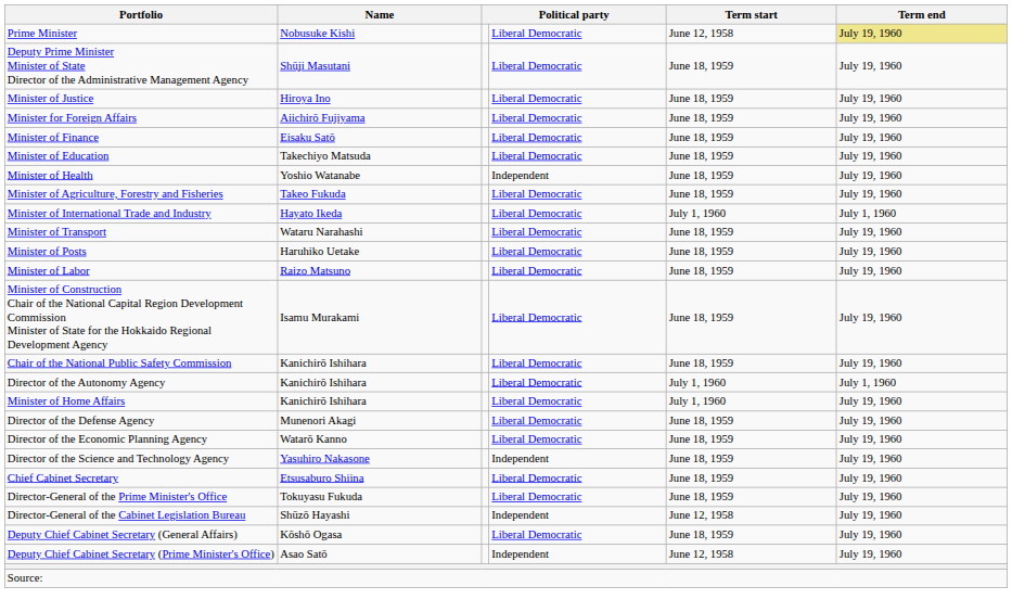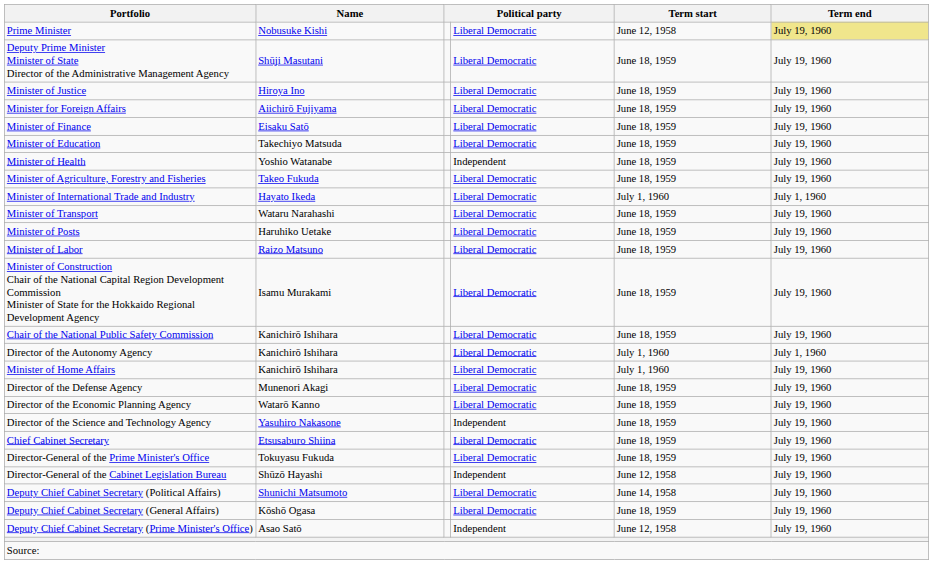 <table class="wikitable unsortable" style="font-size: 90%;">
 <tr>
 <th scope="col" width="20%">Portfolio</th>
 <th scope="col" width="15%">Name</th>
 <th colspan="2" scope="col" width="13.5%">Political party</th>
 <th scope="col" width="12.5%">Term start</th>
 <th scope="col" width="12.5%">Term end</th>
 </tr>
 <tr>
 <td><a href='#'>Prime Minister</a></td>
 <td><a href='#'>Nobusuke Kishi</a></td>
 <td width="0.5%" style="background:"></td>
 <td><a href='#'>Liberal Democratic</a></td>
 <td>June 12, 1958</td>
 <td style="background: khaki;">July 19, 1960</td>
 </tr>
 <tr>
 <td><a href='#'>Deputy Prime Minister</a><br><a href='#'>Minister of State</a><br>Director of the Administrative Management Agency</td>
 <td><a href='#'>Shūji Masutani</a></td>
 <td style="color:inherit;background:"></td>
 <td><a href='#'>Liberal Democratic</a></td>
 <td>June 18, 1959</td>
 <td>July 19, 1960</td>
 </tr>
 <tr>
 <td><a href='#'>Minister of Justice</a></td>
 <td><a href='#'>Hiroya Ino</a></td>
 <td style="color:inherit;background:"></td>
 <td><a href='#'>Liberal Democratic</a></td>
 <td>June 18, 1959</td>
 <td>July 19, 1960</td>
 </tr>
 <tr>
 <td><a href='#'>Minister for Foreign Affairs</a></td>
 <td><a href='#'>Aiichirō Fujiyama</a></td>
 <td style="color:inherit;background:"></td>
 <td><a href='#'>Liberal Democratic</a></td>
 <td>June 18, 1959</td>
 <td>July 19, 1960</td>
 </tr>
 <tr>
 <td><a href='#'>Minister of Finance</a></td>
 <td><a href='#'>Eisaku Satō</a></td>
 <td style="color:inherit;background:"></td>
 <td><a href='#'>Liberal Democratic</a></td>
 <td>June 18, 1959</td>
 <td>July 19, 1960</td>
 </tr>
 <tr>
 <td><a href='#'>Minister of Education</a></td>
 <td>Takechiyo Matsuda</td>
 <td style="color:inherit;background:"></td>
 <td><a href='#'>Liberal Democratic</a></td>
 <td>June 18, 1959</td>
 <td>July 19, 1960</td>
 </tr>
 <tr>
 <td><a href='#'>Minister of Health</a></td>
 <td>Yoshio Watanabe</td>
 <td style="color:inherit;background:"></td>
 <td>Independent</td>
 <td>June 18, 1959</td>
 <td>July 19, 1960</td>
 </tr>
 <tr>
 <td><a href='#'>Minister of Agriculture, Forestry and Fisheries</a></td>
 <td><a href='#'>Takeo Fukuda</a></td>
 <td style="color:inherit;background:"></td>
 <td><a href='#'>Liberal Democratic</a></td>
 <td>June 18, 1959</td>
 <td>July 19, 1960</td>
 </tr>
 <tr>
 <td><a href='#'>Minister of International Trade and Industry</a></td>
 <td><a href='#'>Hayato Ikeda</a></td>
 <td style="color:inherit;background:"></td>
 <td><a href='#'>Liberal Democratic</a></td>
 <td>July 1, 1960</td>
 <td>July 1, 1960</td>
 </tr>
 <tr>
 <td><a href='#'>Minister of Transport</a></td>
 <td>Wataru Narahashi</td>
 <td style="color:inherit;background:"></td>
 <td><a href='#'>Liberal Democratic</a></td>
 <td>June 18, 1959</td>
 <td>July 19, 1960</td>
 </tr>
 <tr>
 <td><a href='#'>Minister of Posts</a></td>
 <td>Haruhiko Uetake</td>
 <td style="color:inherit;background:"></td>
 <td><a href='#'>Liberal Democratic</a></td>
 <td>June 18, 1959</td>
 <td>July 19, 1960</td>
 </tr>
 <tr>
 <td><a href='#'>Minister of Labor</a></td>
 <td><a href='#'>Raizo Matsuno</a></td>
 <td style="color:inherit;background:"></td>
 <td><a href='#'>Liberal Democratic</a></td>
 <td>June 18, 1959</td>
 <td>July 19, 1960</td>
 </tr>
 <tr>
 <td><a href='#'>Minister of Construction</a><br>Chair of the National Capital Region Development Commission<br>Minister of State for the Hokkaido Regional Development Agency</td>
 <td>Isamu Murakami</td>
 <td style="color:inherit;background:"></td>
 <td><a href='#'>Liberal Democratic</a></td>
 <td>June 18, 1959</td>
 <td>July 19, 1960</td>
 </tr>
 <tr>
 <td><a href='#'>Chair of the National Public Safety Commission</a></td>
 <td>Kanichirō Ishihara</td>
 <td style="color:inherit;background:"></td>
 <td><a href='#'>Liberal Democratic</a></td>
 <td>June 18, 1959</td>
 <td>July 19, 1960</td>
 </tr>
 <tr>
 <td>Director of the Autonomy Agency</td>
 <td>Kanichirō Ishihara</td>
 <td style="color:inherit;background:"></td>
 <td><a href='#'>Liberal Democratic</a></td>
 <td>July 1, 1960</td>
 <td>July 1, 1960</td>
 </tr>
 <tr>
 <td><a href='#'>Minister of Home Affairs</a></td>
 <td>Kanichirō Ishihara</td>
 <td style="color:inherit;background:"></td>
 <td><a href='#'>Liberal Democratic</a></td>
 <td>July 1, 1960</td>
 <td>July 19, 1960</td>
 </tr>
 <tr>
 <td>Director of the Defense Agency</td>
 <td>Munenori Akagi</td>
 <td style="color:inherit;background:"></td>
 <td><a href='#'>Liberal Democratic</a></td>
 <td>June 18, 1959</td>
 <td>July 19, 1960</td>
 </tr>
 <tr>
 <td>Director of the Economic Planning Agency</td>
 <td>Watarō Kanno</td>
 <td style="color:inherit;background:"></td>
 <td><a href='#'>Liberal Democratic</a></td>
 <td>June 18, 1959</td>
 <td>July 19, 1960</td>
 </tr>
 <tr>
 <td>Director of the Science and Technology Agency</td>
 <td><a href='#'>Yasuhiro Nakasone</a></td>
 <td style="color:inherit;background:"></td>
 <td>Independent</td>
 <td>June 18, 1959</td>
 <td>July 19, 1960</td>
 </tr>
 <tr>
 <td><a href='#'>Chief Cabinet Secretary</a></td>
 <td><a href='#'>Etsusaburo Shiina</a></td>
 <td style="color:inherit;background:"></td>
 <td><a href='#'>Liberal Democratic</a></td>
 <td>June 18, 1959</td>
 <td>July 19, 1960</td>
 </tr>
 <tr>
 <td>Director-General of the <a href='#'>Prime Minister's Office</a></td>
 <td>Tokuyasu Fukuda</td>
 <td style="color:inherit;background:"></td>
 <td><a href='#'>Liberal Democratic</a></td>
 <td>June 18, 1959</td>
 <td>July 19, 1960</td>
 </tr>
 <tr>
 <td>Director-General of the <a href='#'>Cabinet Legislation Bureau</a></td>
 <td>Shūzō Hayashi</td>
 <td style="color:inherit;background:"></td>
 <td>Independent</td>
 <td>June 12, 1958</td>
 <td>July 19, 1960</td>
 </tr>
 <tr>
+<td><a href='#'>Deputy Chief Cabinet Secretary</a> (Political Affairs)</td>
+<td><a href='#'>Shunichi Matsumoto</a></td>
+<td style="color:inherit;background:"></td>
+<td><a href='#'>Liberal Democratic</a></td>
+<td>June 14, 1958</td>
+<td>July 19, 1960</td>
+</tr>
+<tr>
 <td><a href='#'>Deputy Chief Cabinet Secretary</a> (General Affairs)</td>
 <td>Kōshō Ogasa</td>
 <td style="color:inherit;background:"></td>
 <td><a href='#'>Liberal Democratic</a></td>
 <td>June 18, 1959</td>
 <td>July 19, 1960</td>
 </tr>
 <tr>
 <td><a href='#'>Deputy Chief Cabinet Secretary</a> (<a href='#'>Prime Minister's Office</a>)</td>
 <td>Asao Satō</td>
 <td style="color:inherit;background:"></td>
 <td>Independent</td>
 <td>June 12, 1958</td>
 <td>July 19, 1960</td>
 </tr>
 <tr>
 <th colspan="6"></th>
 </tr>
 <tr>
 <td colspan="6">Source:</td>
 </tr>
 </table>
